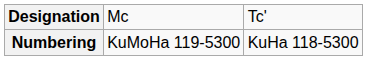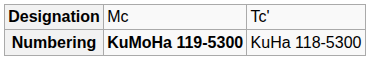 <table class="wikitable">
 <tr>
 <th>Designation</th>
 <td>Mc</td>
 <td>Tc'</td>
 </tr>
 <tr>
 <th>Numbering</th>
-<td>KuMoHa 119-5300</td>
+<td><strong>KuMoHa 119-5300</strong></td>
 <td>KuHa 118-5300</td>
 </tr>
 </table>
